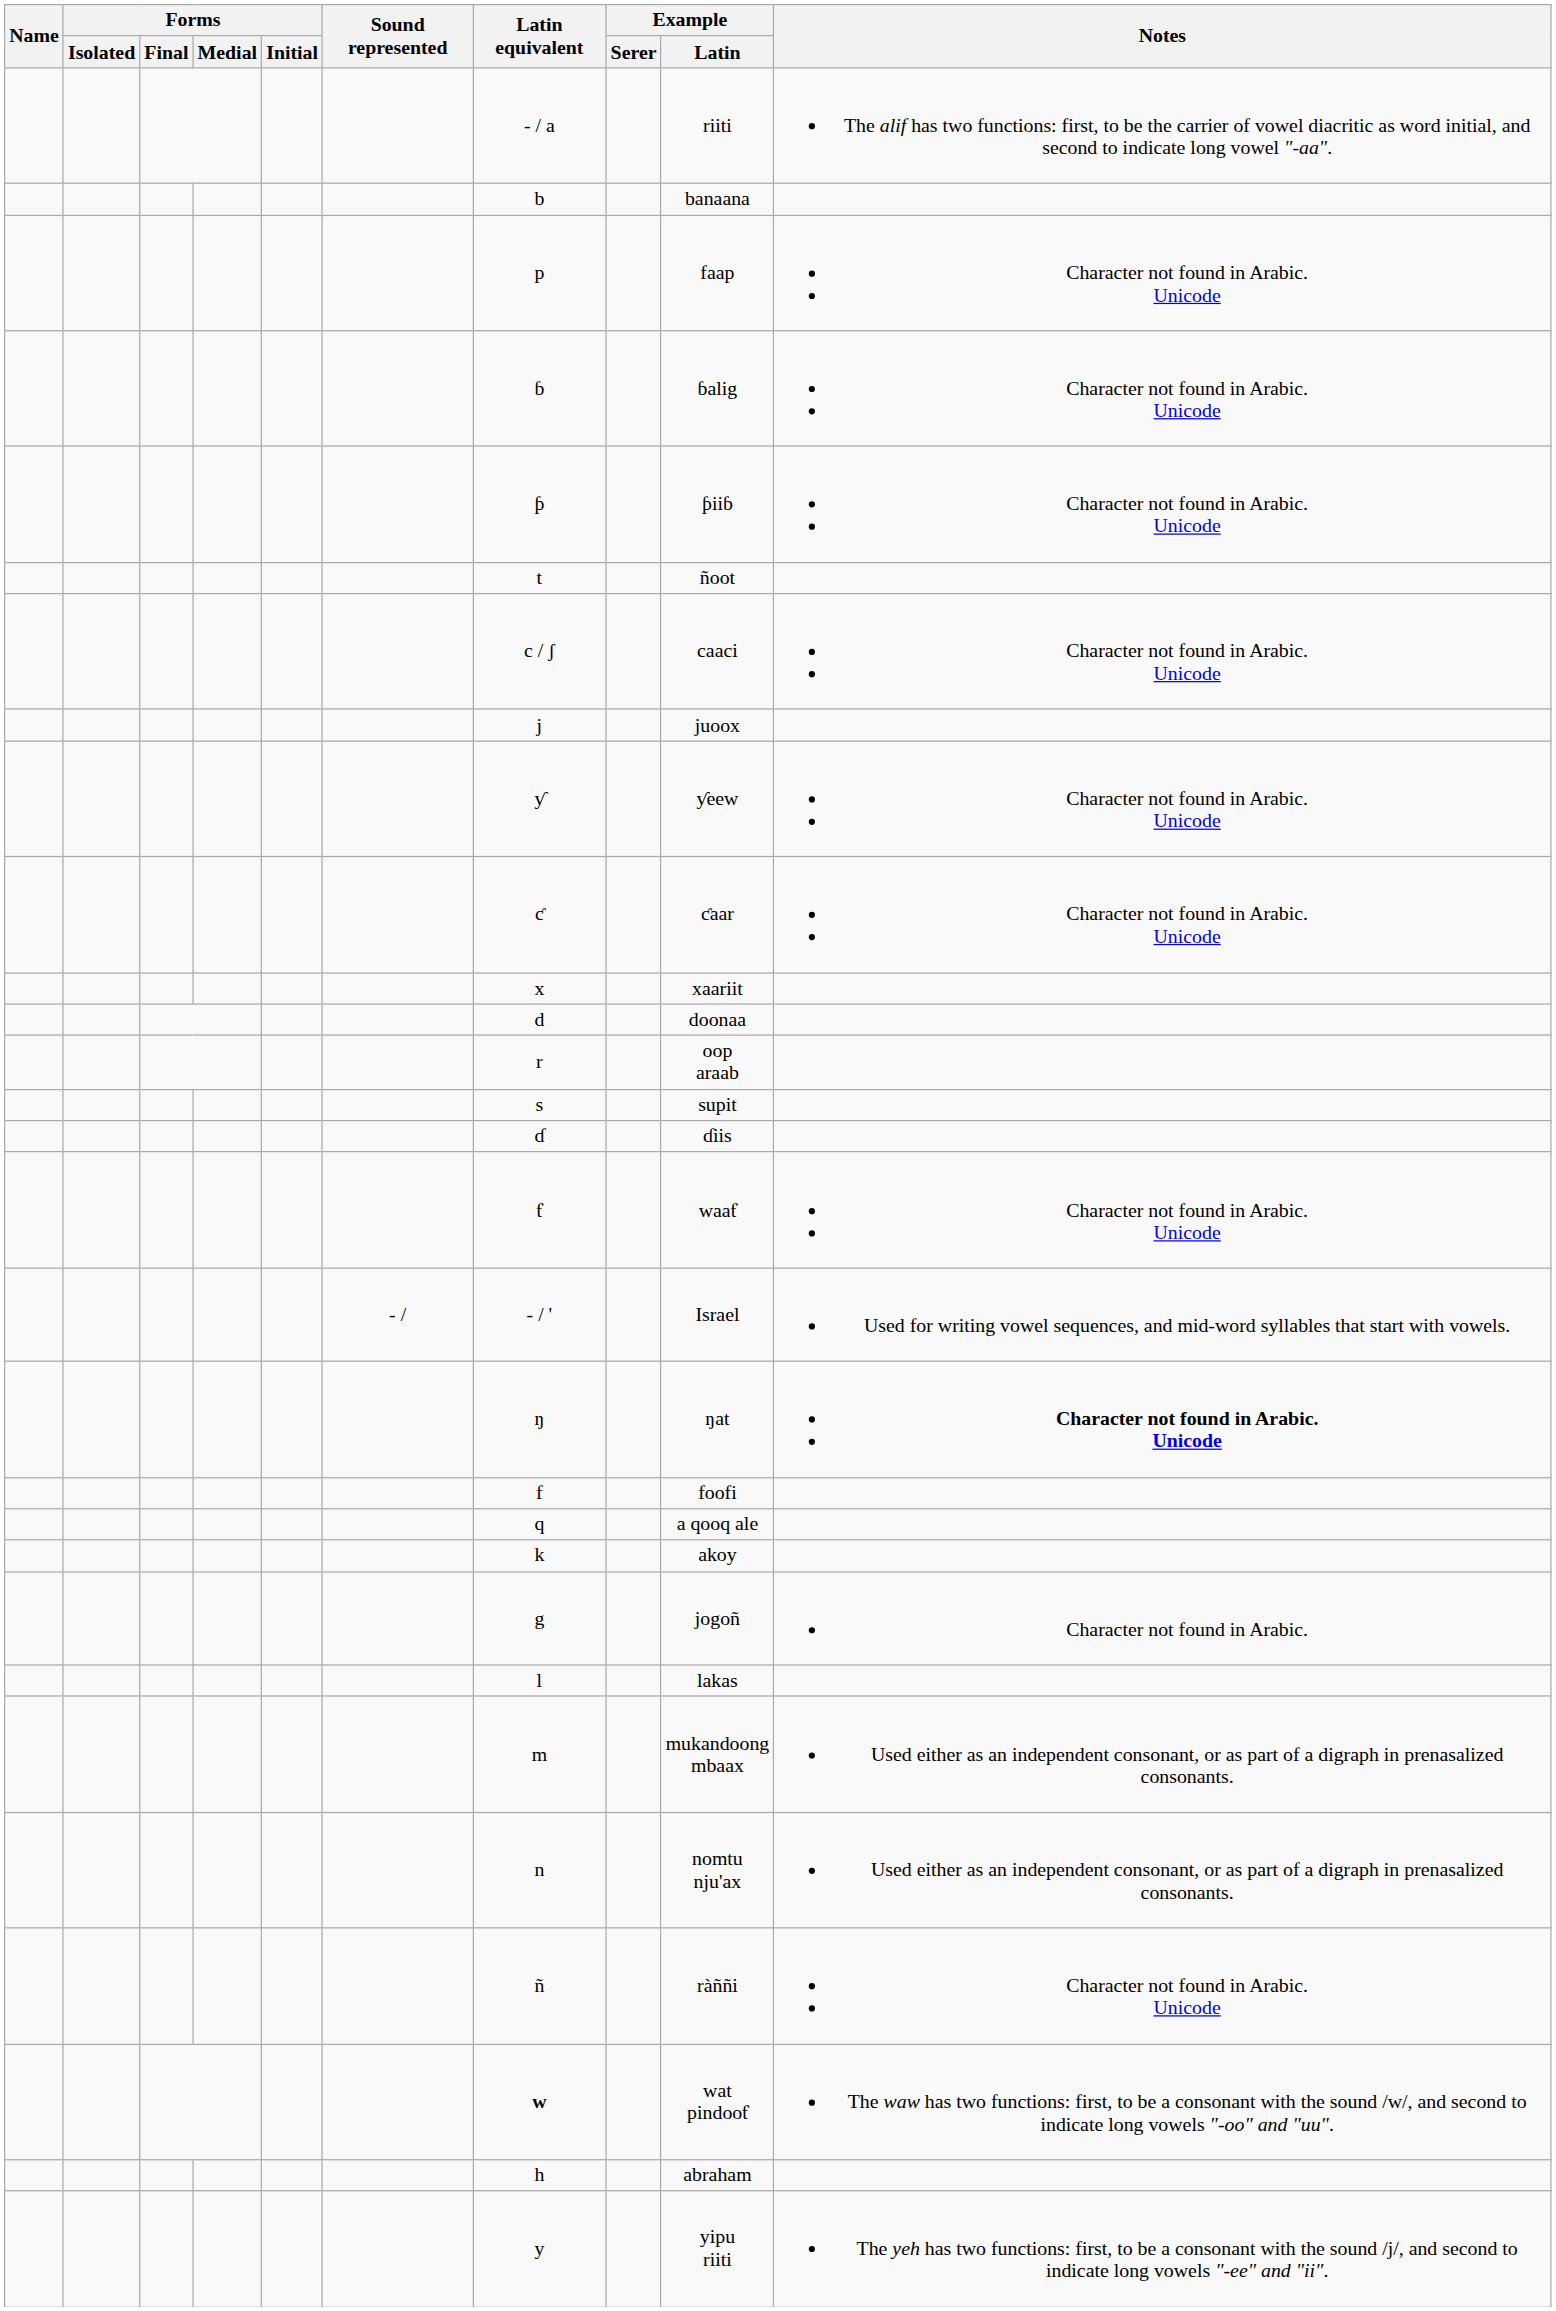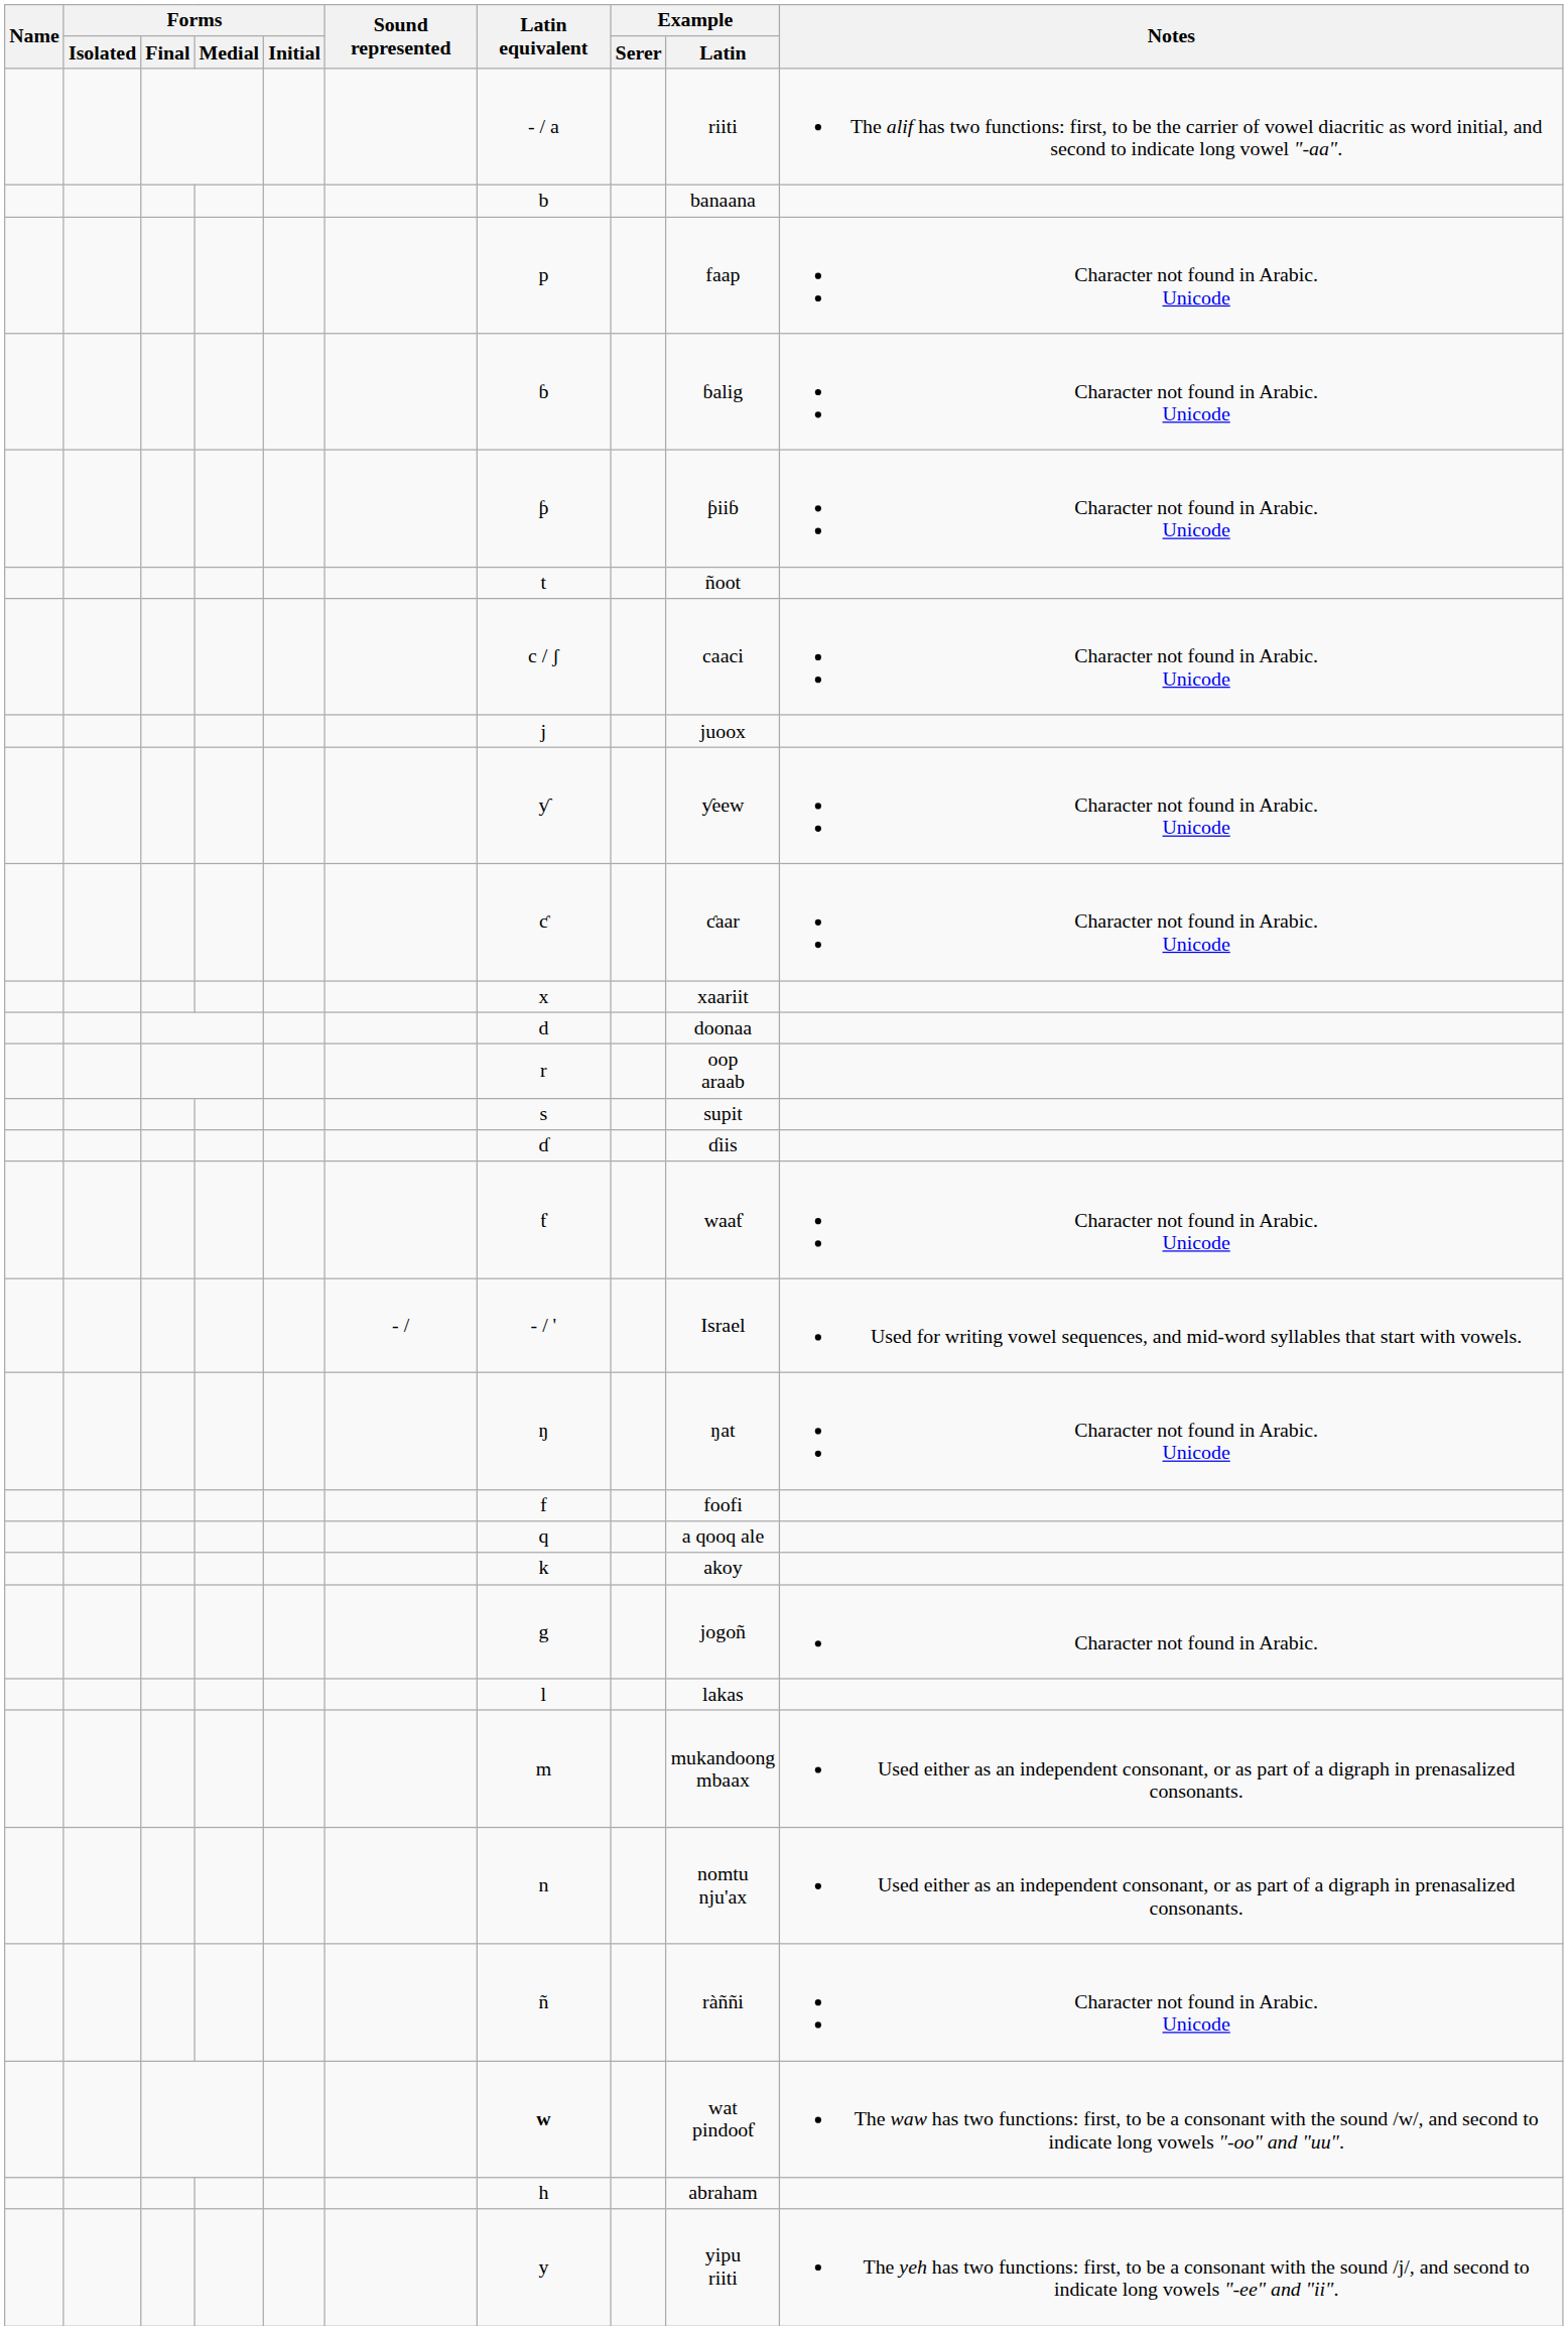 <table class="wikitable" style="text-align: center;">
 <tr>
 <th rowspan="2">Name</th>
 <th colspan="4">Forms</th>
 <th rowspan="2">Sound represented</th>
 <th rowspan="2">Latin equivalent</th>
 <th colspan="2">Example</th>
 <th rowspan="2">Notes</th>
 </tr>
 <tr>
 <th>Isolated</th>
 <th>Final</th>
 <th>Medial</th>
 <th>Initial</th>
 <th>Serer</th>
 <th>Latin</th>
 </tr>
 <tr>
 <td><br></td>
 <td><span></span></td>
 <td colspan=2><span></span></td>
 <td><span></span></td>
 <td></td>
 <td>- / a</td>
 <td><span></span><br><span></span></td>
 <td>riiti</td>
 <td><br><ul><li>The <em>alif</em> has two functions: first, to be the carrier of vowel diacritic as word initial, and second to indicate long vowel <em>"-aa"</em>.</li></ul></td>
 </tr>
 <tr>
 <td><br></td>
 <td><span></span></td>
 <td><span></span></td>
 <td><span></span></td>
 <td><span></span></td>
 <td></td>
 <td>b</td>
 <td><span></span></td>
 <td>banaana</td>
 <td></td>
 </tr>
 <tr>
 <td><br></td>
 <td><span></span></td>
 <td><span></span></td>
 <td><span></span></td>
 <td><span></span></td>
 <td></td>
 <td>p</td>
 <td><span></span></td>
 <td>faap</td>
 <td><br><ul><li>Character not found in Arabic.</li><li><a href='#'>Unicode</a> </li></ul></td>
 </tr>
 <tr>
 <td><br></td>
 <td><span></span></td>
 <td><span></span></td>
 <td><span></span></td>
 <td><span></span></td>
 <td></td>
 <td>ɓ</td>
 <td><span></span></td>
 <td>ɓalig</td>
 <td><br><ul><li>Character not found in Arabic.</li><li><a href='#'>Unicode</a> </li></ul></td>
 </tr>
 <tr>
 <td><br></td>
 <td><span></span></td>
 <td><span></span></td>
 <td><span></span></td>
 <td><span></span></td>
 <td></td>
 <td>ƥ</td>
 <td><span></span></td>
 <td>ƥiiɓ</td>
 <td><br><ul><li>Character not found in Arabic.</li><li><a href='#'>Unicode</a> </li></ul></td>
 </tr>
 <tr>
 <td><br></td>
 <td><span></span></td>
 <td><span></span></td>
 <td><span></span></td>
 <td><span></span></td>
 <td></td>
 <td>t</td>
 <td><span></span></td>
 <td>ñoot</td>
 <td></td>
 </tr>
 <tr>
 <td><br></td>
 <td><span></span></td>
 <td><span></span></td>
 <td><span></span></td>
 <td><span></span></td>
 <td></td>
 <td>c / ʃ</td>
 <td><span></span></td>
 <td>caaci</td>
 <td><br><ul><li>Character not found in Arabic.</li><li><a href='#'>Unicode</a> </li></ul></td>
 </tr>
 <tr>
 <td><br></td>
 <td><span></span></td>
 <td><span></span></td>
 <td><span></span></td>
 <td><span></span></td>
 <td></td>
 <td>j</td>
 <td><span></span></td>
 <td>juoox</td>
 <td></td>
 </tr>
 <tr>
 <td><br></td>
 <td><span></span></td>
 <td><span></span></td>
 <td><span></span></td>
 <td><span></span></td>
 <td></td>
 <td>ƴ</td>
 <td><span></span></td>
 <td>ƴeew</td>
 <td><br><ul><li>Character not found in Arabic.</li><li><a href='#'>Unicode</a> </li></ul></td>
 </tr>
 <tr>
 <td><br></td>
 <td><span></span></td>
 <td><span></span></td>
 <td><span></span></td>
 <td><span></span></td>
 <td></td>
 <td>ƈ</td>
 <td><span></span></td>
 <td>ƈaar</td>
 <td><br><ul><li>Character not found in Arabic.</li><li><a href='#'>Unicode</a> </li></ul></td>
 </tr>
 <tr>
 <td><br></td>
 <td><span></span></td>
 <td><span></span></td>
 <td><span></span></td>
 <td><span></span></td>
 <td></td>
 <td>x</td>
 <td><span></span></td>
 <td>xaariit</td>
 <td></td>
 </tr>
 <tr>
 <td><br></td>
 <td><span></span></td>
 <td colspan=2><span></span></td>
 <td><span></span></td>
 <td></td>
 <td>d</td>
 <td><span></span></td>
 <td>doonaa</td>
 <td></td>
 </tr>
 <tr>
 <td><br></td>
 <td><span></span></td>
 <td colspan=2><span></span></td>
 <td><span></span></td>
 <td></td>
 <td>r</td>
 <td><span></span></td>
 <td>oop<br>araab</td>
 <td></td>
 </tr>
 <tr>
 <td><br></td>
 <td><span></span></td>
 <td><span></span></td>
 <td><span></span></td>
 <td><span></span></td>
 <td></td>
 <td>s</td>
 <td><span></span></td>
 <td>supit</td>
 <td></td>
 </tr>
 <tr>
 <td><br></td>
 <td><span></span></td>
 <td><span></span></td>
 <td><span></span></td>
 <td><span></span></td>
 <td></td>
 <td>ɗ</td>
 <td><span></span></td>
 <td>ɗiis</td>
 <td></td>
 </tr>
 <tr>
 <td><br></td>
 <td><span></span></td>
 <td><span></span></td>
 <td><span></span></td>
 <td><span></span></td>
 <td></td>
 <td>ƭ</td>
 <td><span></span></td>
 <td>waaƭ</td>
 <td><br><ul><li>Character not found in Arabic.</li><li><a href='#'>Unicode</a> </li></ul></td>
 </tr>
 <tr>
 <td><br></td>
 <td><span></span></td>
 <td><span></span></td>
 <td><span></span></td>
 <td><span></span></td>
 <td>- / </td>
 <td>- / '</td>
 <td><span></span></td>
 <td>Israel</td>
 <td>‌<br><ul><li>Used for writing vowel sequences, and mid-word syllables that start with vowels.</li></ul></td>
 </tr>
 <tr>
 <td><br></td>
 <td><span></span></td>
 <td><span></span></td>
 <td><span></span></td>
 <td><span></span></td>
 <td></td>
 <td>ŋ</td>
 <td><span></span></td>
 <td>ŋat</td>
-<td><strong><br><ul><li>Character not found in Arabic.</li><li><a href='#'>Unicode</a> </li></ul></strong></td>
+<td><br><ul><li>Character not found in Arabic.</li><li><a href='#'>Unicode</a> </li></ul></td>
 </tr>
 <tr>
 <td><br></td>
 <td><span></span></td>
 <td><span></span></td>
 <td><span></span></td>
 <td><span></span></td>
 <td></td>
 <td>f</td>
 <td><span></span></td>
 <td>foofi</td>
 <td></td>
 </tr>
 <tr>
 <td><br></td>
 <td><span></span></td>
 <td><span></span></td>
 <td><span></span></td>
 <td><span></span></td>
 <td></td>
 <td>q</td>
 <td><span></span></td>
 <td>a qooq ale</td>
 <td></td>
 </tr>
 <tr>
 <td><br></td>
 <td><span></span></td>
 <td><span></span></td>
 <td><span></span></td>
 <td><span></span></td>
 <td></td>
 <td>k</td>
 <td><span></span></td>
 <td>akoy</td>
 <td></td>
 </tr>
 <tr>
 <td><br></td>
 <td><span></span></td>
 <td><span></span></td>
 <td><span></span></td>
 <td><span></span></td>
 <td></td>
 <td>g</td>
 <td><span></span></td>
 <td>jogoñ</td>
 <td><br><ul><li>Character not found in Arabic.</li></ul></td>
 </tr>
 <tr>
 <td><br></td>
 <td><span></span></td>
 <td><span></span></td>
 <td><span></span></td>
 <td><span></span></td>
 <td></td>
 <td>l</td>
 <td><span></span></td>
 <td>lakas</td>
 <td></td>
 </tr>
 <tr>
 <td><br></td>
 <td><span></span></td>
 <td><span></span></td>
 <td><span></span></td>
 <td><span></span></td>
 <td></td>
 <td>m</td>
 <td><span></span><br><span></span></td>
 <td>mukandoong<br>mbaax</td>
 <td><br><ul><li>Used either as an independent consonant, or as part of a digraph in prenasalized consonants.</li></ul></td>
 </tr>
 <tr>
 <td><br></td>
 <td><span></span></td>
 <td><span></span></td>
 <td><span></span></td>
 <td><span></span></td>
 <td></td>
 <td>n</td>
 <td><span></span><br><span></span></td>
 <td>nomtu<br>nju'ax</td>
 <td><br><ul><li>Used either as an independent consonant, or as part of a digraph in prenasalized consonants.</li></ul></td>
 </tr>
 <tr>
 <td><br></td>
 <td><span></span></td>
 <td><span></span></td>
 <td><span></span></td>
 <td><span></span></td>
 <td></td>
 <td>ñ</td>
 <td><span></span></td>
 <td>ràññi</td>
 <td><br><ul><li>Character not found in Arabic.</li><li><a href='#'>Unicode</a> </li></ul></td>
 </tr>
 <tr>
 <td><br></td>
 <td><span></span></td>
 <td colspan=2><span></span></td>
 <td><span></span></td>
 <td></td>
 <td><strong>w</strong></td>
 <td><span></span><br><span></span></td>
 <td>wat<br>pindooƭ</td>
 <td><br><ul><li>The <em>waw</em> has two functions: first, to be a consonant with the sound /w/, and second to indicate long vowels <em>"-oo" and "uu"</em>.</li></ul></td>
 </tr>
 <tr>
 <td><br></td>
 <td><span></span></td>
 <td><span></span></td>
 <td><span></span></td>
 <td><span></span></td>
 <td></td>
 <td>h</td>
 <td><span></span></td>
 <td>abraham</td>
 <td></td>
 </tr>
 <tr>
 <td><br></td>
 <td><span></span></td>
 <td><span></span></td>
 <td><span></span></td>
 <td><span></span></td>
 <td></td>
 <td>y</td>
 <td><span></span><br><span></span></td>
 <td>yipu<br>riiti</td>
 <td><br><ul><li>The <em>yeh</em> has two functions: first, to be a consonant with the sound /j/, and second to indicate long vowels <em>"-ee" and "ii"</em>.</li></ul></td>
 </tr>
 </table>
